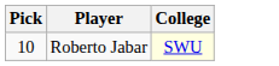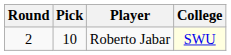 <table class="wikitable sortable sortable">
 <tr>
+<th>Round</th>
 <th>Pick</th>
 <th>Player</th>
 <th>College</th>
 </tr>
 <tr style="text-align: center">
+<td>2</td>
 <td>10</td>
 <td>Roberto Jabar</td>
 <td style="background: lightyellow;"><a href='#'>SWU</a></td>
 </tr>
 </table>
